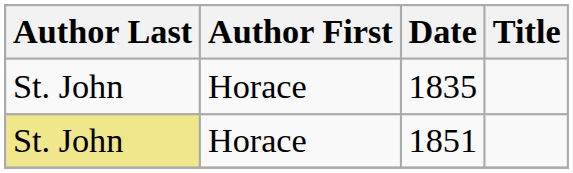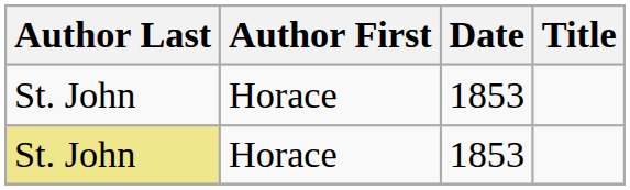 <table class="wikitable sortable">
 <tr>
 <th>Author Last</th>
 <th>Author First</th>
 <th>Date</th>
 <th>Title</th>
 </tr>
 <tr>
 <td>St. John</td>
 <td>Horace</td>
-<td>1835</td>
+<td>1853</td>
 <td></td>
 </tr>
 <tr>
 <td style="background: khaki;">St. John</td>
 <td>Horace</td>
-<td>1851</td>
+<td>1853</td>
 <td></td>
 </tr>
 <tr>
 </tr>
 </table>
